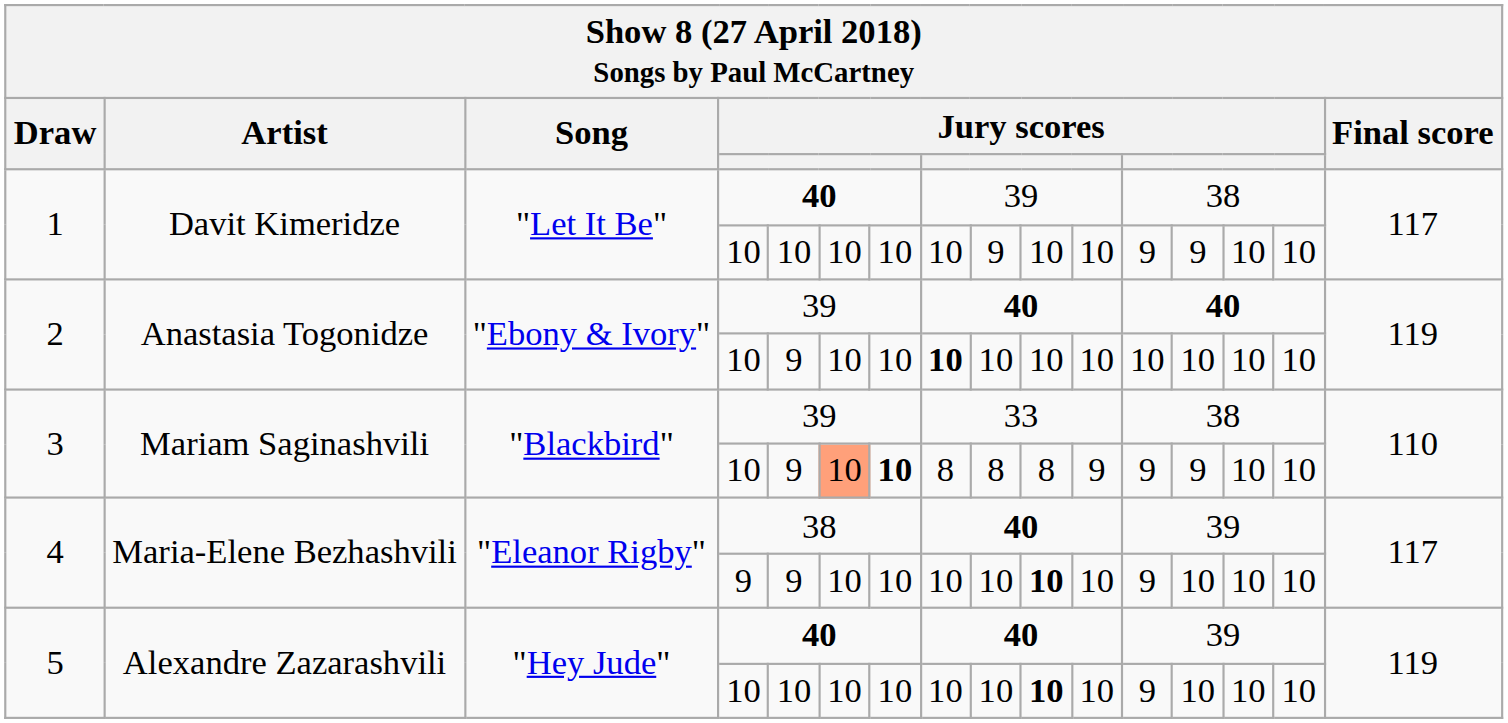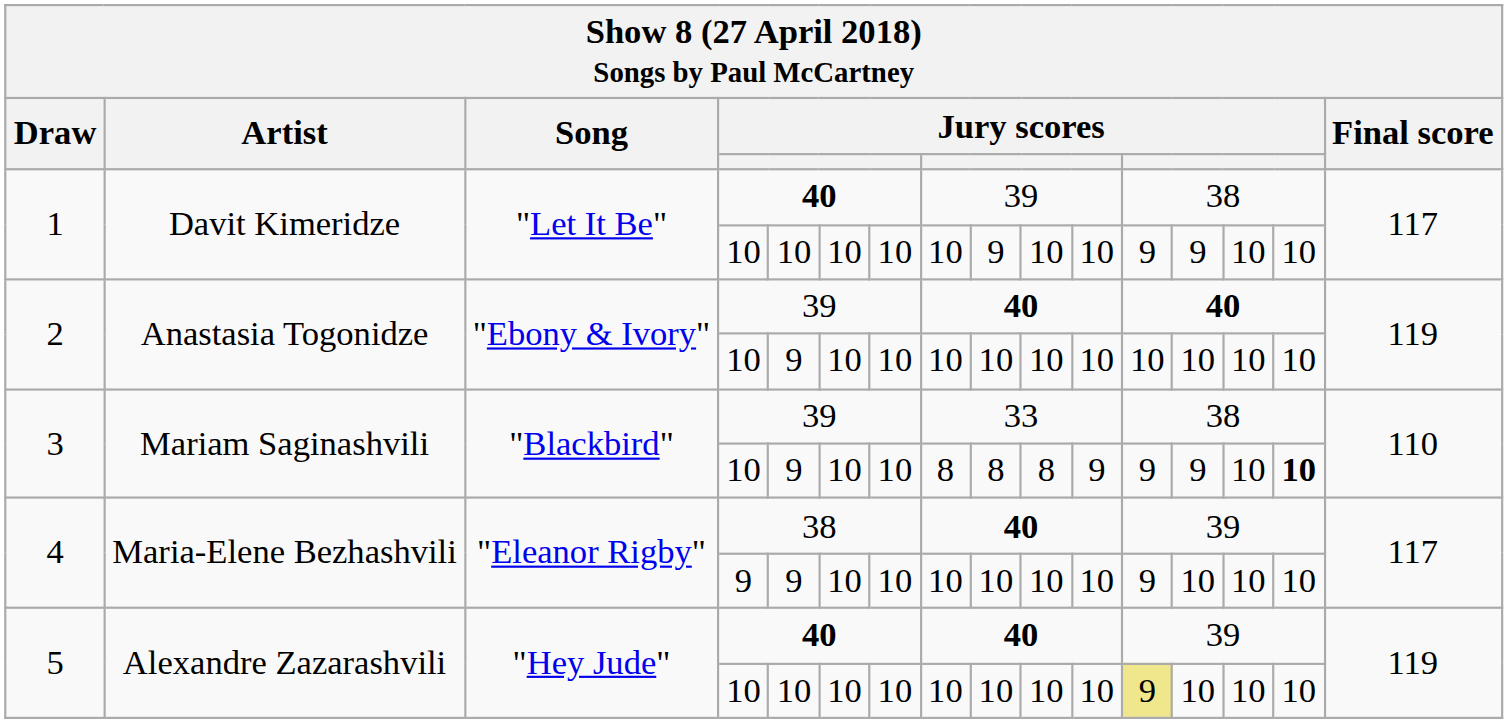 <table class="sortable wikitable" style="text-align:center;margin:1em auto 1em auto">
 <tr>
 <th colspan="16">Show 8 (27 April 2018)<br><small>Songs by Paul McCartney</small></th>
 </tr>
 <tr>
 <th rowspan="2" scope="col">Draw</th>
 <th rowspan="2" scope="col">Artist</th>
 <th rowspan="2" scope="col">Song</th>
 <th colspan="12" scope="col">Jury scores</th>
 <th rowspan="2" scope="col">Final score</th>
 </tr>
 <tr>
 <th colspan="4" class="unsortable" scope="col"><small></small></th>
 <th colspan="4" class="unsortable" scope="col"><small></small></th>
 <th colspan="4" class="unsortable" scope="col"><small></small></th>
 </tr>
 <tr>
 <td rowspan="2">1</td>
 <td rowspan="2">Davit Kimeridze</td>
 <td rowspan="2">"<a href='#'>Let It Be</a>"</td>
 <td colspan="4"><strong>40</strong></td>
 <td colspan="4">39</td>
 <td colspan="4">38</td>
 <td rowspan="2">117</td>
 </tr>
 <tr>
 <td>10</td>
 <td>10</td>
 <td>10</td>
 <td>10</td>
 <td>10</td>
 <td>9</td>
 <td>10</td>
 <td>10</td>
 <td>9</td>
 <td>9</td>
 <td>10</td>
 <td>10</td>
 </tr>
 <tr>
 <td rowspan="2">2</td>
 <td rowspan="2">Anastasia Togonidze</td>
 <td rowspan="2">"<a href='#'>Ebony & Ivory</a>"</td>
 <td colspan="4">39</td>
 <td colspan="4"><strong>40</strong></td>
 <td colspan="4"><strong>40</strong></td>
 <td rowspan="2">119</td>
 </tr>
 <tr>
 <td>10</td>
 <td>9</td>
 <td>10</td>
 <td>10</td>
-<td><strong>10</strong></td>
+<td>10</td>
 <td>10</td>
 <td>10</td>
 <td>10</td>
 <td>10</td>
 <td>10</td>
 <td>10</td>
 <td>10</td>
 </tr>
 <tr>
 <td rowspan="2">3</td>
 <td rowspan="2">Mariam Saginashvili</td>
 <td rowspan="2">"<a href='#'>Blackbird</a>"</td>
 <td colspan="4">39</td>
 <td colspan="4">33</td>
 <td colspan="4">38</td>
 <td rowspan="2">110</td>
 </tr>
 <tr>
 <td>10</td>
 <td>9</td>
-<td style="background: lightsalmon;">10</td>
-<td><strong>10</strong></td>
+<td>10</td>
+<td>10</td>
 <td>8</td>
 <td>8</td>
 <td>8</td>
 <td>9</td>
 <td>9</td>
 <td>9</td>
 <td>10</td>
-<td>10</td>
+<td><strong>10</strong></td>
 </tr>
 <tr>
 <td rowspan="2">4</td>
 <td rowspan="2">Maria-Elene Bezhashvili</td>
 <td rowspan="2">"<a href='#'>Eleanor Rigby</a>"</td>
 <td colspan="4">38</td>
 <td colspan="4"><strong>40</strong></td>
 <td colspan="4">39</td>
 <td rowspan="2">117</td>
 </tr>
 <tr>
 <td>9</td>
 <td>9</td>
 <td>10</td>
 <td>10</td>
 <td>10</td>
 <td>10</td>
-<td><strong>10</strong></td>
+<td>10</td>
 <td>10</td>
 <td>9</td>
 <td>10</td>
 <td>10</td>
 <td>10</td>
 </tr>
 <tr>
 <td rowspan="2">5</td>
 <td rowspan="2">Alexandre Zazarashvili</td>
 <td rowspan="2">"<a href='#'>Hey Jude</a>"</td>
 <td colspan="4"><strong>40</strong></td>
 <td colspan="4"><strong>40</strong></td>
 <td colspan="4">39</td>
 <td rowspan="2">119</td>
 </tr>
 <tr>
 <td>10</td>
 <td>10</td>
 <td>10</td>
 <td>10</td>
 <td>10</td>
 <td>10</td>
-<td><strong>10</strong></td>
 <td>10</td>
-<td>9</td>
+<td>10</td>
+<td style="background: khaki;">9</td>
 <td>10</td>
 <td>10</td>
 <td>10</td>
 </tr>
 </table>
